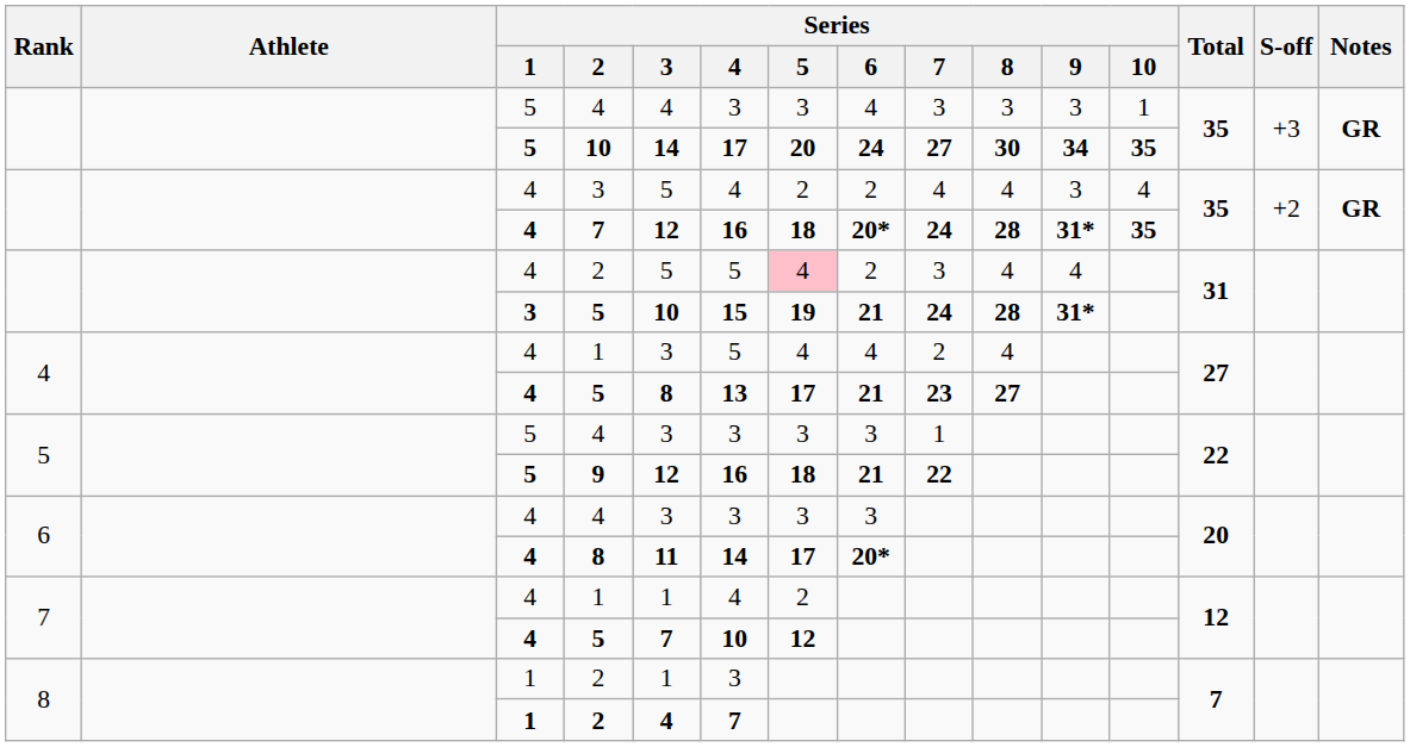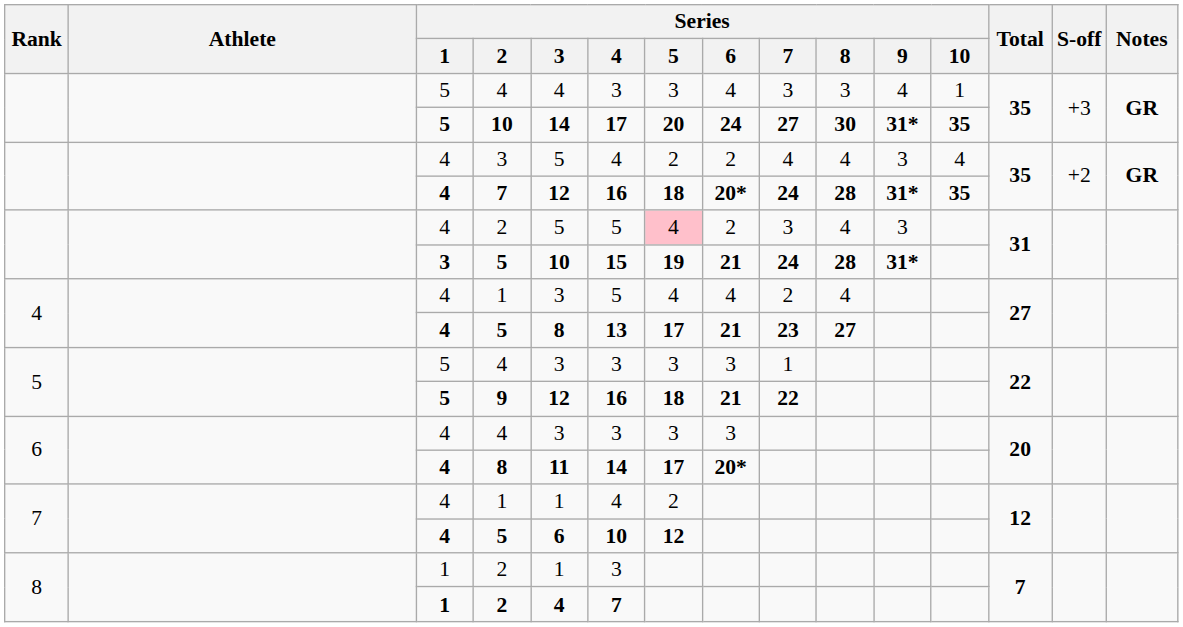 <table class="wikitable" style="text-align:center">
 <tr>
 <th rowspan=2 width=40>Rank</th>
 <th rowspan=2 width=250>Athlete</th>
 <th colspan=10>Series</th>
 <th rowspan=2 width=40>Total</th>
 <th rowspan=2>S-off</th>
 <th rowspan=2 width=45>Notes</th>
 </tr>
 <tr>
 <th width=35>1</th>
 <th width=35>2</th>
 <th width=35>3</th>
 <th width=35>4</th>
 <th width=35>5</th>
 <th width=35>6</th>
 <th width=35>7</th>
 <th width=35>8</th>
 <th width=35>9</th>
 <th width=35>10</th>
 </tr>
 <tr>
 <td rowspan=2></td>
 <td rowspan=2 align=left></td>
 <td>5</td>
 <td>4</td>
 <td>4</td>
 <td>3</td>
 <td>3</td>
 <td>4</td>
 <td>3</td>
 <td>3</td>
-<td>3</td>
+<td>4</td>
 <td>1</td>
 <td rowspan=2><strong>35</strong></td>
 <td rowspan=2>+3</td>
 <td rowspan=2><strong>GR</strong></td>
 </tr>
 <tr>
 <td><strong>5</strong></td>
 <td><strong>10</strong></td>
 <td><strong>14</strong></td>
 <td><strong>17</strong></td>
 <td><strong>20</strong></td>
 <td><strong>24</strong></td>
 <td><strong>27</strong></td>
 <td><strong>30</strong></td>
-<td><strong>34</strong></td>
+<td><strong>31*</strong></td>
 <td><strong>35</strong></td>
 </tr>
 <tr>
 <td rowspan=2></td>
 <td rowspan=2 align=left></td>
 <td>4</td>
 <td>3</td>
 <td>5</td>
 <td>4</td>
 <td>2</td>
 <td>2</td>
 <td>4</td>
 <td>4</td>
 <td>3</td>
 <td>4</td>
 <td rowspan=2><strong>35</strong></td>
 <td rowspan=2>+2</td>
 <td rowspan=2><strong>GR</strong></td>
 </tr>
 <tr>
 <td><strong>4</strong></td>
 <td><strong>7</strong></td>
 <td><strong>12</strong></td>
 <td><strong>16</strong></td>
 <td><strong>18</strong></td>
 <td><strong>20*</strong></td>
 <td><strong>24</strong></td>
 <td><strong>28</strong></td>
 <td><strong>31*</strong></td>
 <td><strong>35</strong></td>
 </tr>
 <tr>
 <td rowspan=2></td>
 <td rowspan=2 align=left></td>
 <td>4</td>
 <td>2</td>
 <td>5</td>
 <td>5</td>
 <td style="background: pink;">4</td>
 <td>2</td>
 <td>3</td>
 <td>4</td>
-<td>4</td>
+<td>3</td>
 <td></td>
 <td rowspan=2><strong>31</strong></td>
 <td rowspan=2></td>
 <td rowspan=2></td>
 </tr>
 <tr>
 <td><strong>3</strong></td>
 <td><strong>5</strong></td>
 <td><strong>10</strong></td>
 <td><strong>15</strong></td>
 <td><strong>19</strong></td>
 <td><strong>21</strong></td>
 <td><strong>24</strong></td>
 <td><strong>28</strong></td>
 <td><strong>31*</strong></td>
 <td></td>
 </tr>
 <tr>
 <td rowspan=2>4</td>
 <td rowspan=2 align=left></td>
 <td>4</td>
 <td>1</td>
 <td>3</td>
 <td>5</td>
 <td>4</td>
 <td>4</td>
 <td>2</td>
 <td>4</td>
 <td></td>
 <td></td>
 <td rowspan=2><strong>27</strong></td>
 <td rowspan=2></td>
 <td rowspan=2></td>
 </tr>
 <tr>
 <td><strong>4</strong></td>
 <td><strong>5</strong></td>
 <td><strong>8</strong></td>
 <td><strong>13</strong></td>
 <td><strong>17</strong></td>
 <td><strong>21</strong></td>
 <td><strong>23</strong></td>
 <td><strong>27</strong></td>
 <td></td>
 <td></td>
 </tr>
 <tr>
 <td rowspan=2>5</td>
 <td rowspan=2 align=left></td>
 <td>5</td>
 <td>4</td>
 <td>3</td>
 <td>3</td>
 <td>3</td>
 <td>3</td>
 <td>1</td>
 <td></td>
 <td></td>
 <td></td>
 <td rowspan=2><strong>22</strong></td>
 <td rowspan=2></td>
 <td rowspan=2></td>
 </tr>
 <tr>
 <td><strong>5</strong></td>
 <td><strong>9</strong></td>
 <td><strong>12</strong></td>
 <td><strong>16</strong></td>
 <td><strong>18</strong></td>
 <td><strong>21</strong></td>
 <td><strong>22</strong></td>
 <td></td>
 <td></td>
 <td></td>
 </tr>
 <tr>
 <td rowspan=2>6</td>
 <td rowspan=2 align=left></td>
 <td>4</td>
 <td>4</td>
 <td>3</td>
 <td>3</td>
 <td>3</td>
 <td>3</td>
 <td></td>
 <td></td>
 <td></td>
 <td></td>
 <td rowspan=2><strong>20</strong></td>
 <td rowspan=2></td>
 <td rowspan=2></td>
 </tr>
 <tr>
 <td><strong>4</strong></td>
 <td><strong>8</strong></td>
 <td><strong>11</strong></td>
 <td><strong>14</strong></td>
 <td><strong>17</strong></td>
 <td><strong>20*</strong></td>
 <td></td>
 <td></td>
 <td></td>
 <td></td>
 </tr>
 <tr>
 <td rowspan=2>7</td>
 <td rowspan=2 align=left></td>
 <td>4</td>
 <td>1</td>
 <td>1</td>
 <td>4</td>
 <td>2</td>
 <td></td>
 <td></td>
 <td></td>
 <td></td>
 <td></td>
 <td rowspan=2><strong>12</strong></td>
 <td rowspan=2></td>
 <td rowspan=2></td>
 </tr>
 <tr>
 <td><strong>4</strong></td>
 <td><strong>5</strong></td>
-<td><strong>7</strong></td>
+<td><strong>6</strong></td>
 <td><strong>10</strong></td>
 <td><strong>12</strong></td>
 <td></td>
 <td></td>
 <td></td>
 <td></td>
 <td></td>
 </tr>
 <tr>
 <td rowspan=2>8</td>
 <td rowspan=2 align=left></td>
 <td>1</td>
 <td>2</td>
 <td>1</td>
 <td>3</td>
 <td></td>
 <td></td>
 <td></td>
 <td></td>
 <td></td>
 <td></td>
 <td rowspan=2><strong>7</strong></td>
 <td rowspan=2></td>
 <td rowspan=2></td>
 </tr>
 <tr>
 <td><strong>1</strong></td>
 <td><strong>2</strong></td>
 <td><strong>4</strong></td>
 <td><strong>7</strong></td>
 <td></td>
 <td></td>
 <td></td>
 <td></td>
 <td></td>
 <td></td>
 </tr>
 </table>
